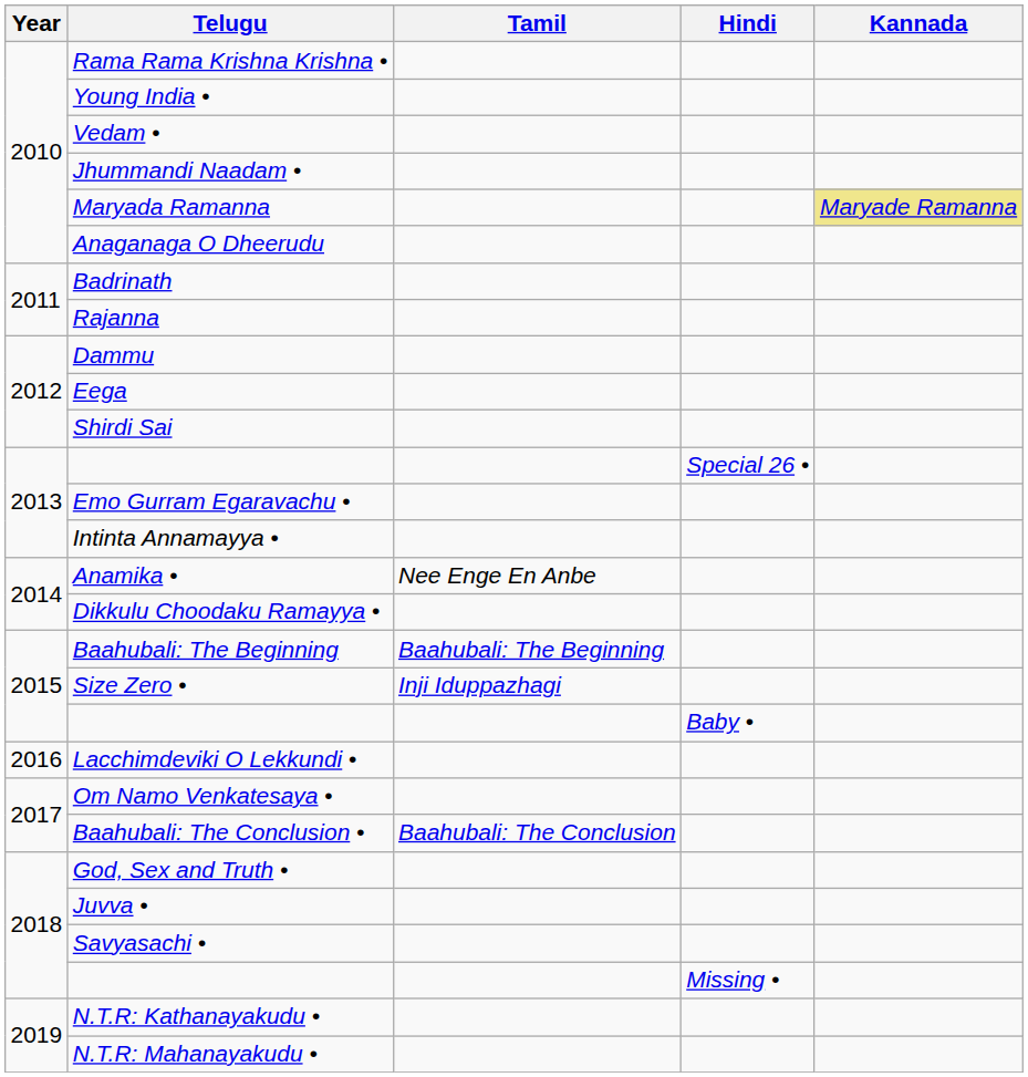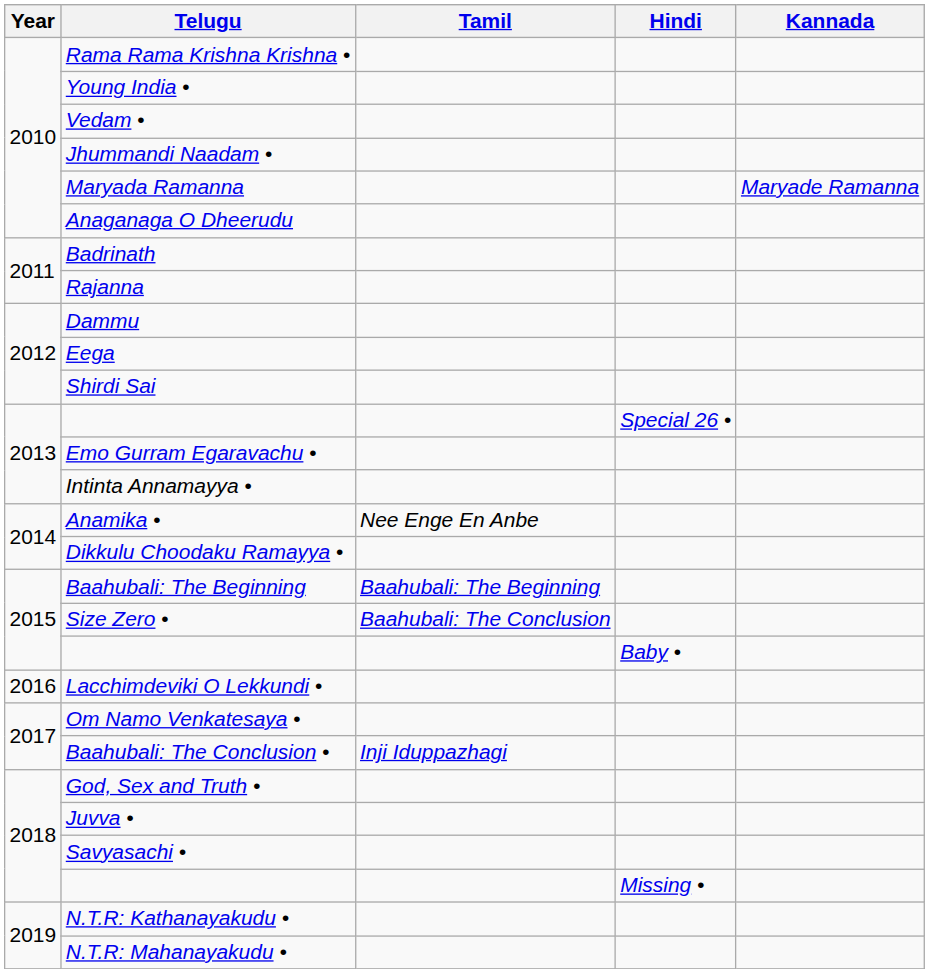 <table class="wikitable sortable">
 <tr style="background:#ccc; text-align:center;">
 <th>Year</th>
 <th><a href='#'>Telugu</a></th>
 <th><a href='#'>Tamil</a></th>
 <th><a href='#'>Hindi</a></th>
 <th><a href='#'>Kannada</a></th>
 </tr>
 <tr>
 <td rowspan="6">2010</td>
 <td><em><a href='#'>Rama Rama Krishna Krishna</a></em> •</td>
 <td></td>
 <td></td>
 <td></td>
 </tr>
 <tr>
 <td><em><a href='#'>Young India</a></em> •</td>
 <td></td>
 <td></td>
 <td></td>
 </tr>
 <tr>
 <td><em><a href='#'>Vedam</a></em> •</td>
 <td></td>
 <td></td>
 <td></td>
 </tr>
 <tr>
 <td><em><a href='#'>Jhummandi Naadam</a></em> •</td>
 <td></td>
 <td></td>
 <td></td>
 </tr>
 <tr>
 <td><em><a href='#'>Maryada Ramanna</a></em></td>
 <td></td>
 <td></td>
-<td style="background: khaki;"><em><a href='#'>Maryade Ramanna</a></em></td>
+<td><em><a href='#'>Maryade Ramanna</a></em></td>
 </tr>
 <tr>
 <td><em><a href='#'>Anaganaga O Dheerudu</a></em></td>
 <td></td>
 <td></td>
 <td></td>
 </tr>
 <tr>
 <td rowspan="2">2011</td>
 <td><em><a href='#'>Badrinath</a></em></td>
 <td></td>
 <td></td>
 <td></td>
 </tr>
 <tr>
 <td><em><a href='#'>Rajanna</a></em></td>
 <td></td>
 <td></td>
 <td></td>
 </tr>
 <tr>
 <td rowspan="3">2012</td>
 <td><em><a href='#'>Dammu</a></em></td>
 <td></td>
 <td></td>
 <td></td>
 </tr>
 <tr>
 <td><em><a href='#'>Eega</a></em></td>
 <td></td>
 <td></td>
 <td></td>
 </tr>
 <tr>
 <td><em><a href='#'>Shirdi Sai</a></em></td>
 <td></td>
 <td></td>
 <td></td>
 </tr>
 <tr>
 <td rowspan="3">2013</td>
 <td></td>
 <td></td>
 <td><em><a href='#'>Special 26</a></em> •</td>
 <td></td>
 </tr>
 <tr>
 <td><em><a href='#'>Emo Gurram Egaravachu</a></em> •</td>
 <td></td>
 <td></td>
 <td></td>
 </tr>
 <tr>
 <td><em>Intinta Annamayya</em> •</td>
 <td></td>
 <td></td>
 <td></td>
 </tr>
 <tr>
 <td rowspan="2">2014</td>
 <td><em><a href='#'>Anamika</a></em> •</td>
 <td><em>Nee Enge En Anbe</em></td>
 <td></td>
 <td></td>
 </tr>
 <tr>
 <td><em><a href='#'>Dikkulu Choodaku Ramayya</a></em> •</td>
 <td></td>
 <td></td>
 <td></td>
 </tr>
 <tr>
 <td rowspan="3">2015</td>
 <td><em><a href='#'>Baahubali: The Beginning</a></em></td>
 <td><em><a href='#'>Baahubali: The Beginning</a></em></td>
 <td></td>
 <td></td>
 </tr>
 <tr>
 <td><em><a href='#'>Size Zero</a></em> •</td>
-<td><em><a href='#'>Inji Iduppazhagi</a></em></td>
+<td><em><a href='#'>Baahubali: The Conclusion</a></em></td>
 <td></td>
 <td></td>
 </tr>
 <tr>
 <td></td>
 <td></td>
 <td><em><a href='#'>Baby</a></em> •</td>
 <td></td>
 </tr>
 <tr>
 <td>2016</td>
 <td><em><a href='#'>Lacchimdeviki O Lekkundi</a></em> •</td>
 <td></td>
 <td></td>
 <td></td>
 </tr>
 <tr>
 <td rowspan="2">2017</td>
 <td><em><a href='#'>Om Namo Venkatesaya</a></em> •</td>
 <td></td>
 <td></td>
 <td></td>
 </tr>
 <tr>
 <td><em><a href='#'>Baahubali: The Conclusion</a> •</em></td>
-<td><em><a href='#'>Baahubali: The Conclusion</a></em></td>
+<td><em><a href='#'>Inji Iduppazhagi</a></em></td>
 <td></td>
 <td></td>
 </tr>
 <tr>
 <td rowspan="4">2018</td>
 <td><em><a href='#'>God, Sex and Truth</a> •</em></td>
 <td></td>
 <td></td>
 <td></td>
 </tr>
 <tr>
 <td><em><a href='#'>Juvva</a> •</em></td>
 <td></td>
 <td></td>
 <td></td>
 </tr>
 <tr>
 <td><em><a href='#'>Savyasachi</a> •</em></td>
 <td></td>
 <td></td>
 <td></td>
 </tr>
 <tr>
 <td></td>
 <td></td>
 <td><em><a href='#'>Missing</a> •</em></td>
 <td></td>
 </tr>
 <tr>
 <td rowspan="2">2019</td>
 <td><em><a href='#'>N.T.R: Kathanayakudu</a> •</em></td>
 <td></td>
 <td></td>
 <td></td>
 </tr>
 <tr>
 <td><em><a href='#'>N.T.R: Mahanayakudu</a> •</em></td>
 <td></td>
 <td></td>
 <td></td>
 </tr>
 </table>
